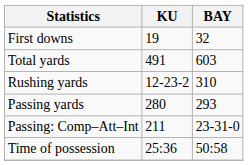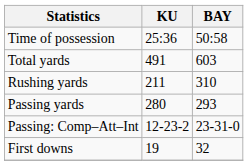 <table class="wikitable" style="float: left;">
 <tr>
 <th>Statistics</th>
 <th>KU</th>
 <th>BAY</th>
 </tr>
 <tr>
-<td>First downs</td>
-<td>19</td>
-<td>32</td>
+<td>Time of possession</td>
+<td>25:36</td>
+<td>50:58</td>
 </tr>
 <tr>
 <td>Total yards</td>
 <td>491</td>
 <td>603</td>
 </tr>
 <tr>
 <td>Rushing yards</td>
-<td>12-23-2</td>
+<td>211</td>
 <td>310</td>
 </tr>
 <tr>
 <td>Passing yards</td>
 <td>280</td>
 <td>293</td>
 </tr>
 <tr>
 <td>Passing: Comp–Att–Int</td>
-<td>211</td>
+<td>12-23-2</td>
 <td>23-31-0</td>
 </tr>
 <tr>
-<td>Time of possession</td>
-<td>25:36</td>
-<td>50:58</td>
+<td>First downs</td>
+<td>19</td>
+<td>32</td>
 </tr>
 <tr>
 </tr>
 </table>
